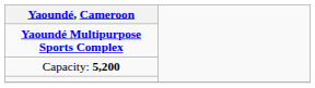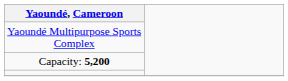 <table class=wikitable style=text-align:center width=400>
 <tr>
 <th colspan="1"><a href='#'>Yaoundé</a>, <a href='#'>Cameroon</a></th>
 <td rowspan=4></td>
 </tr>
 <tr>
-<td width=50%><strong><a href='#'>Yaoundé Multipurpose Sports Complex</a></strong></td>
+<td width=50%><a href='#'>Yaoundé Multipurpose Sports Complex</a></td>
 </tr>
 <tr>
 <td>Capacity: <strong>5,200</strong></td>
 </tr>
 <tr>
 <td></td>
 </tr>
 <tr>
 </tr>
 </table>
